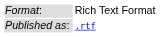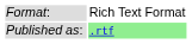 <table style="text-align:left;">
 <tr>
 <td style="background:#ddd; width:100px;"><em>Format</em>:</td>
 <td>Rich Text Format</td>
 </tr>
 <tr>
 <td style="background:#ddd;"><em>Published as</em>:</td>
-<td><code><a href='#'>.rtf</a></code></td>
+<td style="background: lightgreen;"><code><a href='#'>.rtf</a></code></td>
 </tr>
 </table>
